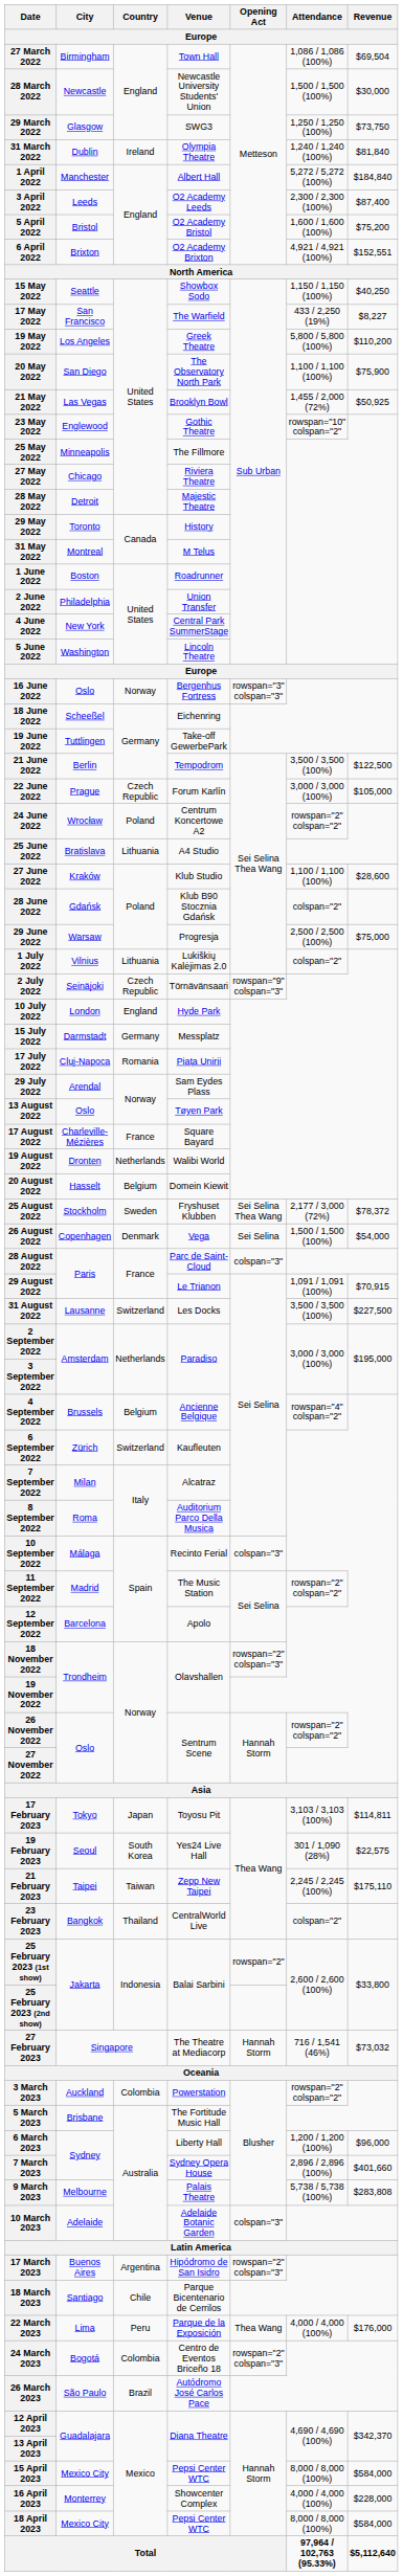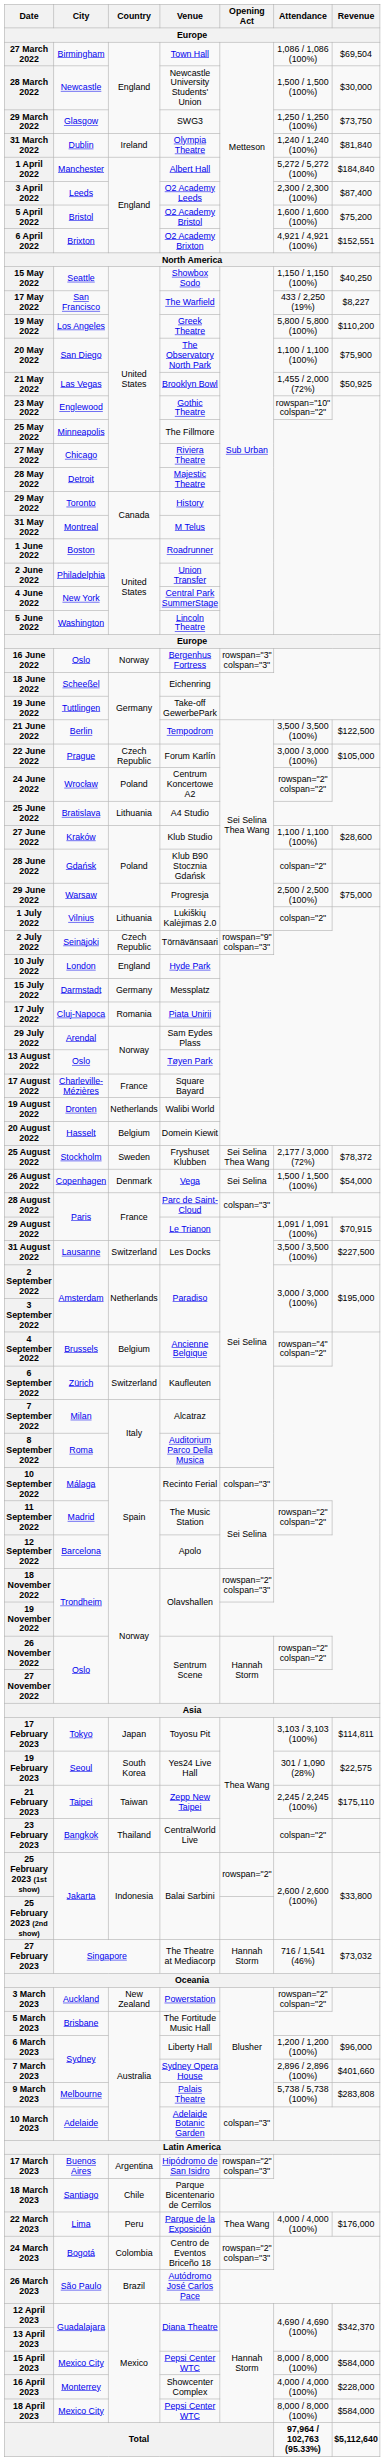 <table class="wikitable plainrowheaders" style="text-align:center;">
 <tr>
 <th scope="col" style="width:10em;">Date</th>
 <th scope="col" style="width:10em;">City</th>
 <th scope="col" style="width:10em;">Country</th>
 <th scope="col" style="width:18em;">Venue</th>
 <th scope="col" style="width:10em;">Opening Act</th>
 <th scope="col" style="width:10em;">Attendance</th>
 <th scope="col" style="width:10em;">Revenue</th>
 </tr>
 <tr>
 <th colspan="7">Europe</th>
 </tr>
 <tr>
 <th scope="row" style="text-align:center;">27 March 2022</th>
 <td><a href='#'>Birmingham</a></td>
 <td rowspan="3">England</td>
 <td><a href='#'>Town Hall</a></td>
 <td rowspan="8">Metteson</td>
 <td>1,086 / 1,086 (100%)</td>
 <td>$69,504</td>
 </tr>
 <tr>
 <th scope="row" style="text-align:center;">28 March 2022</th>
 <td><a href='#'>Newcastle</a></td>
 <td>Newcastle University Students' Union</td>
 <td>1,500 / 1,500 (100%)</td>
 <td>$30,000</td>
 </tr>
 <tr>
 <th scope="row" style="text-align:center;">29 March 2022</th>
 <td><a href='#'>Glasgow</a></td>
 <td>SWG3</td>
 <td>1,250 / 1,250 (100%)</td>
 <td>$73,750</td>
 </tr>
 <tr>
 <th scope="row" style="text-align:center;">31 March 2022</th>
 <td><a href='#'>Dublin</a></td>
 <td rowspan="1">Ireland</td>
 <td><a href='#'>Olympia Theatre</a></td>
 <td>1,240 / 1,240 (100%)</td>
 <td>$81,840</td>
 </tr>
 <tr>
 <th scope="row" style="text-align:center;">1 April 2022</th>
 <td><a href='#'>Manchester</a></td>
 <td rowspan="4">England</td>
 <td><a href='#'>Albert Hall</a></td>
 <td>5,272 / 5,272 (100%)</td>
 <td>$184,840</td>
 </tr>
 <tr>
 <th scope="row" style="text-align:center;">3 April 2022</th>
 <td><a href='#'>Leeds</a></td>
 <td><a href='#'>O2 Academy Leeds</a></td>
 <td>2,300 / 2,300 (100%)</td>
 <td>$87,400</td>
 </tr>
 <tr>
 <th scope="row" style="text-align:center;">5 April 2022</th>
 <td><a href='#'>Bristol</a></td>
 <td><a href='#'>O2 Academy Bristol</a></td>
 <td>1,600 / 1,600 (100%)</td>
 <td>$75,200</td>
 </tr>
 <tr>
 <th scope="row" style="text-align:center;">6 April 2022</th>
 <td><a href='#'>Brixton</a></td>
 <td><a href='#'>O2 Academy Brixton</a></td>
 <td>4,921 / 4,921 (100%)</td>
 <td>$152,551</td>
 </tr>
 <tr>
 <th colspan="7">North America</th>
 </tr>
 <tr>
 <th scope="row" style="text-align:center;">15 May 2022</th>
 <td><a href='#'>Seattle</a></td>
 <td rowspan="9">United States</td>
 <td><a href='#'>Showbox Sodo</a></td>
 <td rowspan="15"><a href='#'>Sub Urban</a></td>
 <td>1,150 / 1,150 (100%)</td>
 <td>$40,250</td>
 </tr>
 <tr>
 <th scope="row" style="text-align:center;">17 May 2022</th>
 <td><a href='#'>San Francisco</a></td>
 <td><a href='#'>The Warfield</a></td>
 <td>433 / 2,250 (19%)</td>
 <td>$8,227</td>
 </tr>
 <tr>
 <th scope="row" style="text-align:center;">19 May 2022</th>
 <td><a href='#'>Los Angeles</a></td>
 <td><a href='#'>Greek Theatre</a></td>
 <td>5,800 / 5,800 (100%)</td>
 <td>$110,200</td>
 </tr>
 <tr>
 <th scope="row" style="text-align:center;">20 May 2022</th>
 <td><a href='#'>San Diego</a></td>
 <td><a href='#'>The Observatory North Park</a></td>
 <td>1,100 / 1,100 (100%)</td>
 <td>$75,900</td>
 </tr>
 <tr>
 <th scope="row" style="text-align:center;">21 May 2022</th>
 <td><a href='#'>Las Vegas</a></td>
 <td><a href='#'>Brooklyn Bowl</a></td>
 <td>1,455 / 2,000 (72%)</td>
 <td>$50,925</td>
 </tr>
 <tr>
 <th scope="row" style="text-align:center;">23 May 2022</th>
 <td><a href='#'>Englewood</a></td>
 <td><a href='#'>Gothic Theatre</a></td>
 <td>rowspan="10" colspan="2" </td>
 </tr>
 <tr>
 <th scope="row" style="text-align:center;">25 May 2022</th>
 <td><a href='#'>Minneapolis</a></td>
 <td>The Fillmore</td>
 </tr>
 <tr>
 <th scope="row" style="text-align:center;">27 May 2022</th>
 <td><a href='#'>Chicago</a></td>
 <td><a href='#'>Riviera Theatre</a></td>
 </tr>
 <tr>
 <th scope="row" style="text-align:center;">28 May 2022</th>
 <td><a href='#'>Detroit</a></td>
 <td><a href='#'>Majestic Theatre</a></td>
 </tr>
 <tr>
 <th scope="row" style="text-align:center;">29 May 2022</th>
 <td><a href='#'>Toronto</a></td>
 <td rowspan="2">Canada</td>
 <td><a href='#'>History</a></td>
 </tr>
 <tr>
 <th scope="row" style="text-align:center;">31 May 2022</th>
 <td><a href='#'>Montreal</a></td>
 <td><a href='#'>M Telus</a></td>
 </tr>
 <tr>
 <th scope="row" style="text-align:center;">1 June 2022</th>
 <td><a href='#'>Boston</a></td>
 <td rowspan="4">United States</td>
 <td><a href='#'>Roadrunner</a></td>
 </tr>
 <tr>
 <th scope="row" style="text-align:center;">2 June 2022</th>
 <td><a href='#'>Philadelphia</a></td>
 <td><a href='#'>Union Transfer</a></td>
 </tr>
 <tr>
 <th scope="row" style="text-align:center;">4 June 2022</th>
 <td><a href='#'>New York</a></td>
 <td><a href='#'>Central Park SummerStage</a></td>
 </tr>
 <tr>
 <th scope="row" style="text-align:center;">5 June 2022</th>
 <td><a href='#'>Washington</a></td>
 <td><a href='#'>Lincoln Theatre</a></td>
 </tr>
 <tr>
 <th colspan="7">Europe</th>
 </tr>
 <tr>
 <th scope="row" style="text-align:center;">16 June 2022</th>
 <td><a href='#'>Oslo</a></td>
 <td rowspan="1">Norway</td>
 <td><a href='#'>Bergenhus Fortress</a></td>
 <td>rowspan="3" colspan="3" </td>
 </tr>
 <tr>
 <th scope="row" style="text-align:center;">18 June 2022</th>
 <td><a href='#'>Scheeßel</a></td>
 <td rowspan="3">Germany</td>
 <td>Eichenring</td>
 </tr>
 <tr>
 <th scope="row" style="text-align:center;">19 June 2022</th>
 <td><a href='#'>Tuttlingen</a></td>
 <td>Take-off GewerbePark</td>
 </tr>
 <tr>
 <th scope="row" style="text-align:center;">21 June 2022</th>
 <td><a href='#'>Berlin</a></td>
 <td><a href='#'>Tempodrom</a></td>
 <td rowspan="8">Sei Selina<br>Thea Wang</td>
 <td>3,500 / 3,500 (100%)</td>
 <td>$122,500</td>
 </tr>
 <tr>
 <th scope="row" style="text-align:center;">22 June 2022</th>
 <td><a href='#'>Prague</a></td>
 <td rowspan="1">Czech Republic</td>
 <td>Forum Karlín</td>
 <td>3,000 / 3,000 (100%)</td>
 <td>$105,000</td>
 </tr>
 <tr>
 <th scope="row" style="text-align:center;">24 June 2022</th>
 <td><a href='#'>Wrocław</a></td>
 <td rowspan="1">Poland</td>
 <td>Centrum Koncertowe A2</td>
 <td>rowspan="2" colspan="2" </td>
 </tr>
 <tr>
 <th scope="row" style="text-align:center;">25 June 2022</th>
 <td><a href='#'>Bratislava</a></td>
 <td rowspan="1">Lithuania</td>
 <td>A4 Studio</td>
 </tr>
 <tr>
 <th scope="row" style="text-align:center;">27 June 2022</th>
 <td><a href='#'>Kraków</a></td>
 <td rowspan="3">Poland</td>
 <td>Klub Studio</td>
 <td>1,100 / 1,100 (100%)</td>
 <td>$28,600</td>
 </tr>
 <tr>
 <th scope="row" style="text-align:center;">28 June 2022</th>
 <td><a href='#'>Gdańsk</a></td>
 <td>Klub B90 Stocznia Gdańsk</td>
 <td>colspan="2" </td>
 </tr>
 <tr>
 <th scope="row" style="text-align:center;">29 June 2022</th>
 <td><a href='#'>Warsaw</a></td>
 <td>Progresja</td>
 <td>2,500 / 2,500 (100%)</td>
 <td>$75,000</td>
 </tr>
 <tr>
 <th scope="row" style="text-align:center;">1 July 2022</th>
 <td><a href='#'>Vilnius</a></td>
 <td rowspan="1">Lithuania</td>
 <td>Lukiškių Kalėjimas 2.0</td>
 <td>colspan="2" </td>
 </tr>
 <tr>
 <th scope="row" style="text-align:center;">2 July 2022</th>
 <td><a href='#'>Seinäjoki</a></td>
 <td rowspan="1">Czech Republic</td>
 <td>Törnävänsaari</td>
 <td>rowspan="9" colspan="3" </td>
 </tr>
 <tr>
 <th scope="row" style="text-align:center;">10 July 2022</th>
 <td><a href='#'>London</a></td>
 <td rowspan="1">England</td>
 <td><a href='#'>Hyde Park</a></td>
 </tr>
 <tr>
 <th scope="row" style="text-align:center;">15 July 2022</th>
 <td><a href='#'>Darmstadt</a></td>
 <td rowspan="1">Germany</td>
 <td>Messplatz</td>
 </tr>
 <tr>
 <th scope="row" style="text-align:center;">17 July 2022</th>
 <td><a href='#'>Cluj-Napoca</a></td>
 <td rowspan="1">Romania</td>
 <td><a href='#'>Piața Unirii</a></td>
 </tr>
 <tr>
 <th scope="row" style="text-align:center;">29 July 2022</th>
 <td><a href='#'>Arendal</a></td>
 <td rowspan="2">Norway</td>
 <td>Sam Eydes Plass</td>
 </tr>
 <tr>
 <th scope="row" style="text-align:center;">13 August 2022</th>
 <td><a href='#'>Oslo</a></td>
 <td><a href='#'>Tøyen Park</a></td>
 </tr>
 <tr>
 <th scope="row" style="text-align:center;">17 August 2022</th>
 <td><a href='#'>Charleville-Mézières</a></td>
 <td rowspan="1">France</td>
 <td>Square Bayard</td>
 </tr>
 <tr>
 <th scope="row" style="text-align:center;">19 August 2022</th>
 <td><a href='#'>Dronten</a></td>
 <td rowspan="1">Netherlands</td>
 <td>Walibi World</td>
 </tr>
 <tr>
 <th scope="row" style="text-align:center;">20 August 2022</th>
 <td><a href='#'>Hasselt</a></td>
 <td rowspan="1">Belgium</td>
 <td>Domein Kiewit</td>
 </tr>
 <tr>
 <th scope="row" style="text-align:center;">25 August 2022</th>
 <td><a href='#'>Stockholm</a></td>
 <td rowspan="1">Sweden</td>
 <td>Fryshuset Klubben</td>
 <td rowspan="1">Sei Selina<br>Thea Wang</td>
 <td>2,177 / 3,000 (72%)</td>
 <td>$78,372</td>
 </tr>
 <tr>
 <th scope="row" style="text-align:center;">26 August 2022</th>
 <td><a href='#'>Copenhagen</a></td>
 <td rowspan="1">Denmark</td>
 <td><a href='#'>Vega</a></td>
 <td rowspan="1">Sei Selina</td>
 <td>1,500 / 1,500 (100%)</td>
 <td>$54,000</td>
 </tr>
 <tr>
 <th scope="row" style="text-align:center;">28 August 2022</th>
 <td rowspan="2"><a href='#'>Paris</a></td>
 <td rowspan="2">France</td>
 <td><a href='#'>Parc de Saint-Cloud</a></td>
 <td>colspan="3" </td>
 </tr>
 <tr>
 <th scope="row" style="text-align:center;">29 August 2022</th>
 <td><a href='#'>Le Trianon</a></td>
 <td rowspan="8">Sei Selina</td>
 <td>1,091 / 1,091 (100%)</td>
 <td>$70,915</td>
 </tr>
 <tr>
 <th scope="row" style="text-align:center;">31 August 2022</th>
 <td><a href='#'>Lausanne</a></td>
 <td rowspan="1">Switzerland</td>
 <td>Les Docks</td>
 <td>3,500 / 3,500 (100%)</td>
 <td>$227,500</td>
 </tr>
 <tr>
 <th scope="row" style="text-align:center;">2 September 2022</th>
 <td rowspan="2"><a href='#'>Amsterdam</a></td>
 <td rowspan="2">Netherlands</td>
 <td rowspan="2"><a href='#'>Paradiso</a></td>
 <td rowspan="2">3,000 / 3,000 (100%)</td>
 <td rowspan="2">$195,000</td>
 </tr>
 <tr>
 <th scope="row" style="text-align:center;">3 September 2022</th>
 </tr>
 <tr>
 <th scope="row" style="text-align:center;">4 September 2022</th>
 <td><a href='#'>Brussels</a></td>
 <td rowspan="1">Belgium</td>
 <td><a href='#'>Ancienne Belgique</a></td>
 <td>rowspan="4" colspan="2" </td>
 </tr>
 <tr>
 <th scope="row" style="text-align:center;">6 September 2022</th>
 <td><a href='#'>Zürich</a></td>
 <td rowspan="1">Switzerland</td>
 <td>Kaufleuten</td>
 </tr>
 <tr>
 <th scope="row" style="text-align:center;">7 September 2022</th>
 <td><a href='#'>Milan</a></td>
 <td rowspan="2">Italy</td>
 <td>Alcatraz</td>
 </tr>
 <tr>
 <th scope="row" style="text-align:center;">8 September 2022</th>
 <td><a href='#'>Roma</a></td>
 <td><a href='#'>Auditorium Parco Della Musica</a></td>
 </tr>
 <tr>
 <th scope="row" style="text-align:center;">10 September 2022</th>
 <td><a href='#'>Málaga</a></td>
 <td rowspan="3">Spain</td>
 <td>Recinto Ferial</td>
 <td>colspan="3" </td>
 </tr>
 <tr>
 <th scope="row" style="text-align:center;">11 September 2022</th>
 <td><a href='#'>Madrid</a></td>
 <td>The Music Station</td>
 <td rowspan="2">Sei Selina</td>
 <td>rowspan="2" colspan="2" </td>
 </tr>
 <tr>
 <th scope="row" style="text-align:center;">12 September 2022</th>
 <td><a href='#'>Barcelona</a></td>
 <td>Apolo</td>
 </tr>
 <tr>
 <th scope="row" style="text-align:center;">18 November 2022</th>
 <td rowspan="2"><a href='#'>Trondheim</a></td>
 <td rowspan="4">Norway</td>
 <td rowspan="2">Olavshallen</td>
 <td>rowspan="2" colspan="3" </td>
 </tr>
 <tr>
 <th scope="row" style="text-align:center;">19 November 2022</th>
 </tr>
 <tr>
 <th scope="row" style="text-align:center;">26 November 2022</th>
 <td rowspan="2"><a href='#'>Oslo</a></td>
 <td rowspan="2">Sentrum Scene</td>
 <td rowspan="2">Hannah Storm</td>
 <td>rowspan="2" colspan="2" </td>
 </tr>
 <tr>
 <th scope="row" style="text-align:center;">27 November 2022</th>
 </tr>
 <tr>
 <th colspan="7">Asia</th>
 </tr>
 <tr>
 <th scope="row" style="text-align:center;">17 February 2023</th>
 <td><a href='#'>Tokyo</a></td>
 <td rowspan="1">Japan</td>
 <td>Toyosu Pit</td>
 <td rowspan="4">Thea Wang</td>
 <td>3,103 / 3,103 (100%)</td>
 <td>$114,811</td>
 </tr>
 <tr>
 <th scope="row" style="text-align:center;">19 February 2023</th>
 <td><a href='#'>Seoul</a></td>
 <td rowspan="1">South Korea</td>
 <td>Yes24 Live Hall</td>
 <td>301 / 1,090 (28%)</td>
 <td>$22,575</td>
 </tr>
 <tr>
 <th scope="row" style="text-align:center;">21 February 2023</th>
 <td><a href='#'>Taipei</a></td>
 <td rowspan="1">Taiwan</td>
 <td><a href='#'>Zepp New Taipei</a></td>
 <td>2,245 / 2,245 (100%)</td>
 <td>$175,110</td>
 </tr>
 <tr>
 <th scope="row" style="text-align:center;">23 February 2023</th>
 <td><a href='#'>Bangkok</a></td>
 <td rowspan="1">Thailand</td>
 <td>CentralWorld Live</td>
 <td>colspan="2" </td>
 </tr>
 <tr>
 <th scope="row" style="text-align:center;">25 February 2023 <small>(1st show)</small></th>
 <td rowspan="2"><a href='#'>Jakarta</a></td>
 <td rowspan="2">Indonesia</td>
 <td rowspan="2">Balai Sarbini</td>
 <td>rowspan="2" </td>
 <td rowspan="2">2,600 / 2,600 (100%)</td>
 <td rowspan="2">$33,800</td>
 </tr>
 <tr>
 <th scope="row" style="text-align:center;">25 February 2023 <small>(2nd show)</small></th>
 </tr>
 <tr>
 <th scope="row" style="text-align:center;">27 February 2023</th>
 <td colspan="2"><a href='#'>Singapore</a></td>
 <td>The Theatre at Mediacorp</td>
 <td rowspan="1">Hannah Storm</td>
 <td>716 / 1,541 (46%)</td>
 <td>$73,032</td>
 </tr>
 <tr>
 <th colspan="7">Oceania</th>
 </tr>
 <tr>
 <th scope="row" style="text-align:center;">3 March 2023</th>
 <td><a href='#'>Auckland</a></td>
-<td rowspan="1">Colombia</td>
+<td rowspan="1">New Zealand</td>
 <td><a href='#'>Powerstation</a></td>
 <td rowspan="5">Blusher</td>
 <td>rowspan="2" colspan="2" </td>
 </tr>
 <tr>
 <th scope="row" style="text-align:center;">5 March 2023</th>
 <td><a href='#'>Brisbane</a></td>
 <td rowspan="5">Australia</td>
 <td>The Fortitude Music Hall</td>
 </tr>
 <tr>
 <th scope="row" style="text-align:center;">6 March 2023</th>
 <td rowspan="2"><a href='#'>Sydney</a></td>
 <td>Liberty Hall</td>
 <td>1,200 / 1,200 (100%)</td>
 <td>$96,000</td>
 </tr>
 <tr>
 <th scope="row" style="text-align:center;">7 March 2023</th>
 <td><a href='#'>Sydney Opera House</a></td>
 <td>2,896 / 2,896 (100%)</td>
 <td>$401,660</td>
 </tr>
 <tr>
 <th scope="row" style="text-align:center;">9 March 2023</th>
 <td><a href='#'>Melbourne</a></td>
 <td><a href='#'>Palais Theatre</a></td>
 <td>5,738 / 5,738 (100%)</td>
 <td>$283,808</td>
 </tr>
 <tr>
 <th scope="row" style="text-align:center;">10 March 2023</th>
 <td><a href='#'>Adelaide</a></td>
 <td><a href='#'>Adelaide Botanic Garden</a></td>
 <td>colspan="3" </td>
 </tr>
 <tr>
 <th colspan="7">Latin America</th>
 </tr>
 <tr>
 <th scope="row" style="text-align:center;">17 March 2023</th>
 <td><a href='#'>Buenos Aires</a></td>
 <td rowspan="1">Argentina</td>
 <td><a href='#'>Hipódromo de San Isidro</a></td>
 <td>rowspan="2" colspan="3" </td>
 </tr>
 <tr>
 <th scope="row" style="text-align:center;">18 March 2023</th>
 <td><a href='#'>Santiago</a></td>
 <td rowspan="1">Chile</td>
 <td>Parque Bicentenario de Cerrilos</td>
 </tr>
 <tr>
 <th scope="row" style="text-align:center;">22 March 2023</th>
 <td><a href='#'>Lima</a></td>
 <td rowspan="1">Peru</td>
 <td><a href='#'>Parque de la Exposición</a></td>
 <td rowspan="1">Thea Wang</td>
 <td>4,000 / 4,000 (100%)</td>
 <td>$176,000</td>
 </tr>
 <tr>
 <th scope="row" style="text-align:center;">24 March 2023</th>
 <td><a href='#'>Bogotá</a></td>
 <td rowspan="1">Colombia</td>
 <td>Centro de Eventos Briceño 18</td>
 <td>rowspan="2" colspan="3" </td>
 </tr>
 <tr>
 <th scope="row" style="text-align:center;">26 March 2023</th>
 <td><a href='#'>São Paulo</a></td>
 <td rowspan="1">Brazil</td>
 <td><a href='#'>Autódromo José Carlos Pace</a></td>
 </tr>
 <tr>
 <th scope="row" style="text-align:center;">12 April 2023</th>
 <td rowspan="2"><a href='#'>Guadalajara</a></td>
 <td rowspan="5">Mexico</td>
 <td rowspan="2"><a href='#'>Diana Theatre</a></td>
 <td rowspan="5">Hannah Storm</td>
 <td rowspan="2">4,690 / 4,690 (100%)</td>
 <td rowspan="2">$342,370</td>
 </tr>
 <tr>
 <th scope="row" style="text-align:center;">13 April 2023</th>
 </tr>
 <tr>
 <th scope="row" style="text-align:center;">15 April 2023</th>
 <td><a href='#'>Mexico City</a></td>
 <td><a href='#'>Pepsi Center WTC</a></td>
 <td>8,000 / 8,000 (100%)</td>
 <td>$584,000</td>
 </tr>
 <tr>
 <th scope="row" style="text-align:center;">16 April 2023</th>
 <td><a href='#'>Monterrey</a></td>
 <td>Showcenter Complex</td>
 <td>4,000 / 4,000 (100%)</td>
 <td>$228,000</td>
 </tr>
 <tr>
 <th scope="row" style="text-align:center;">18 April 2023</th>
 <td><a href='#'>Mexico City</a></td>
 <td><a href='#'>Pepsi Center WTC</a></td>
 <td>8,000 / 8,000 (100%)</td>
 <td>$584,000</td>
 </tr>
 <tr>
 <th colspan="5">Total</th>
 <td><strong>97,964 / 102,763 (95.33%)</strong></td>
 <td><strong>$5,112,640</strong></td>
 </tr>
 </table>
